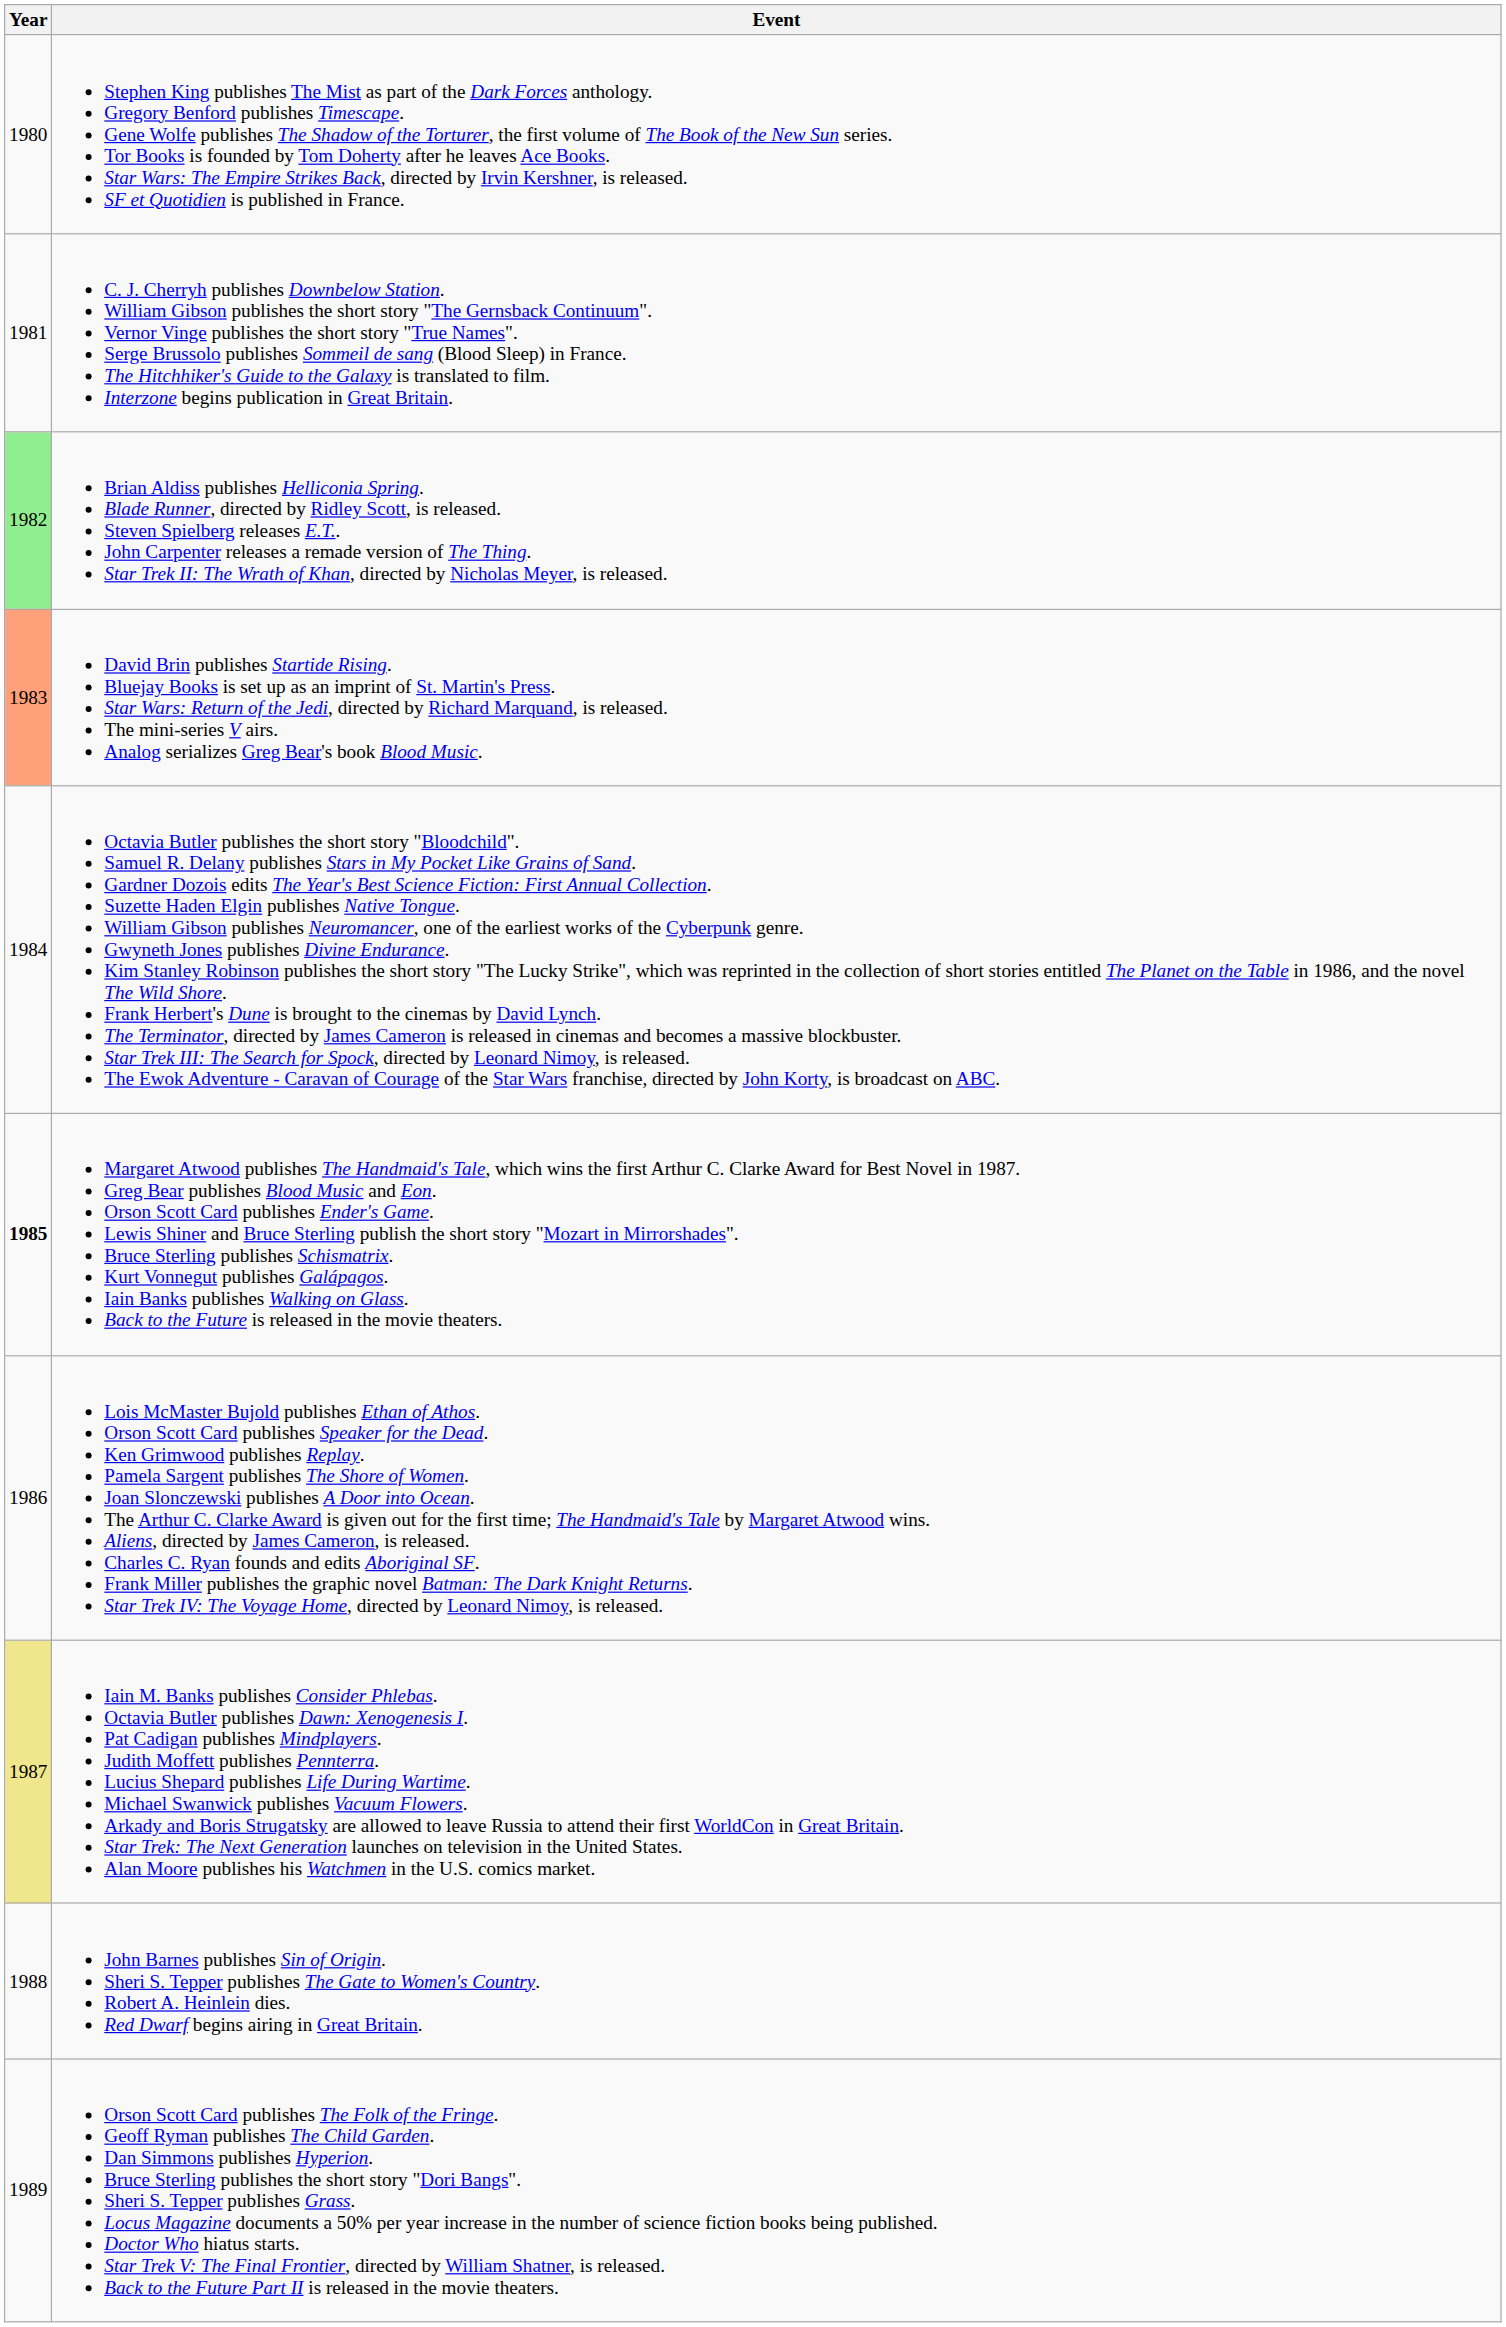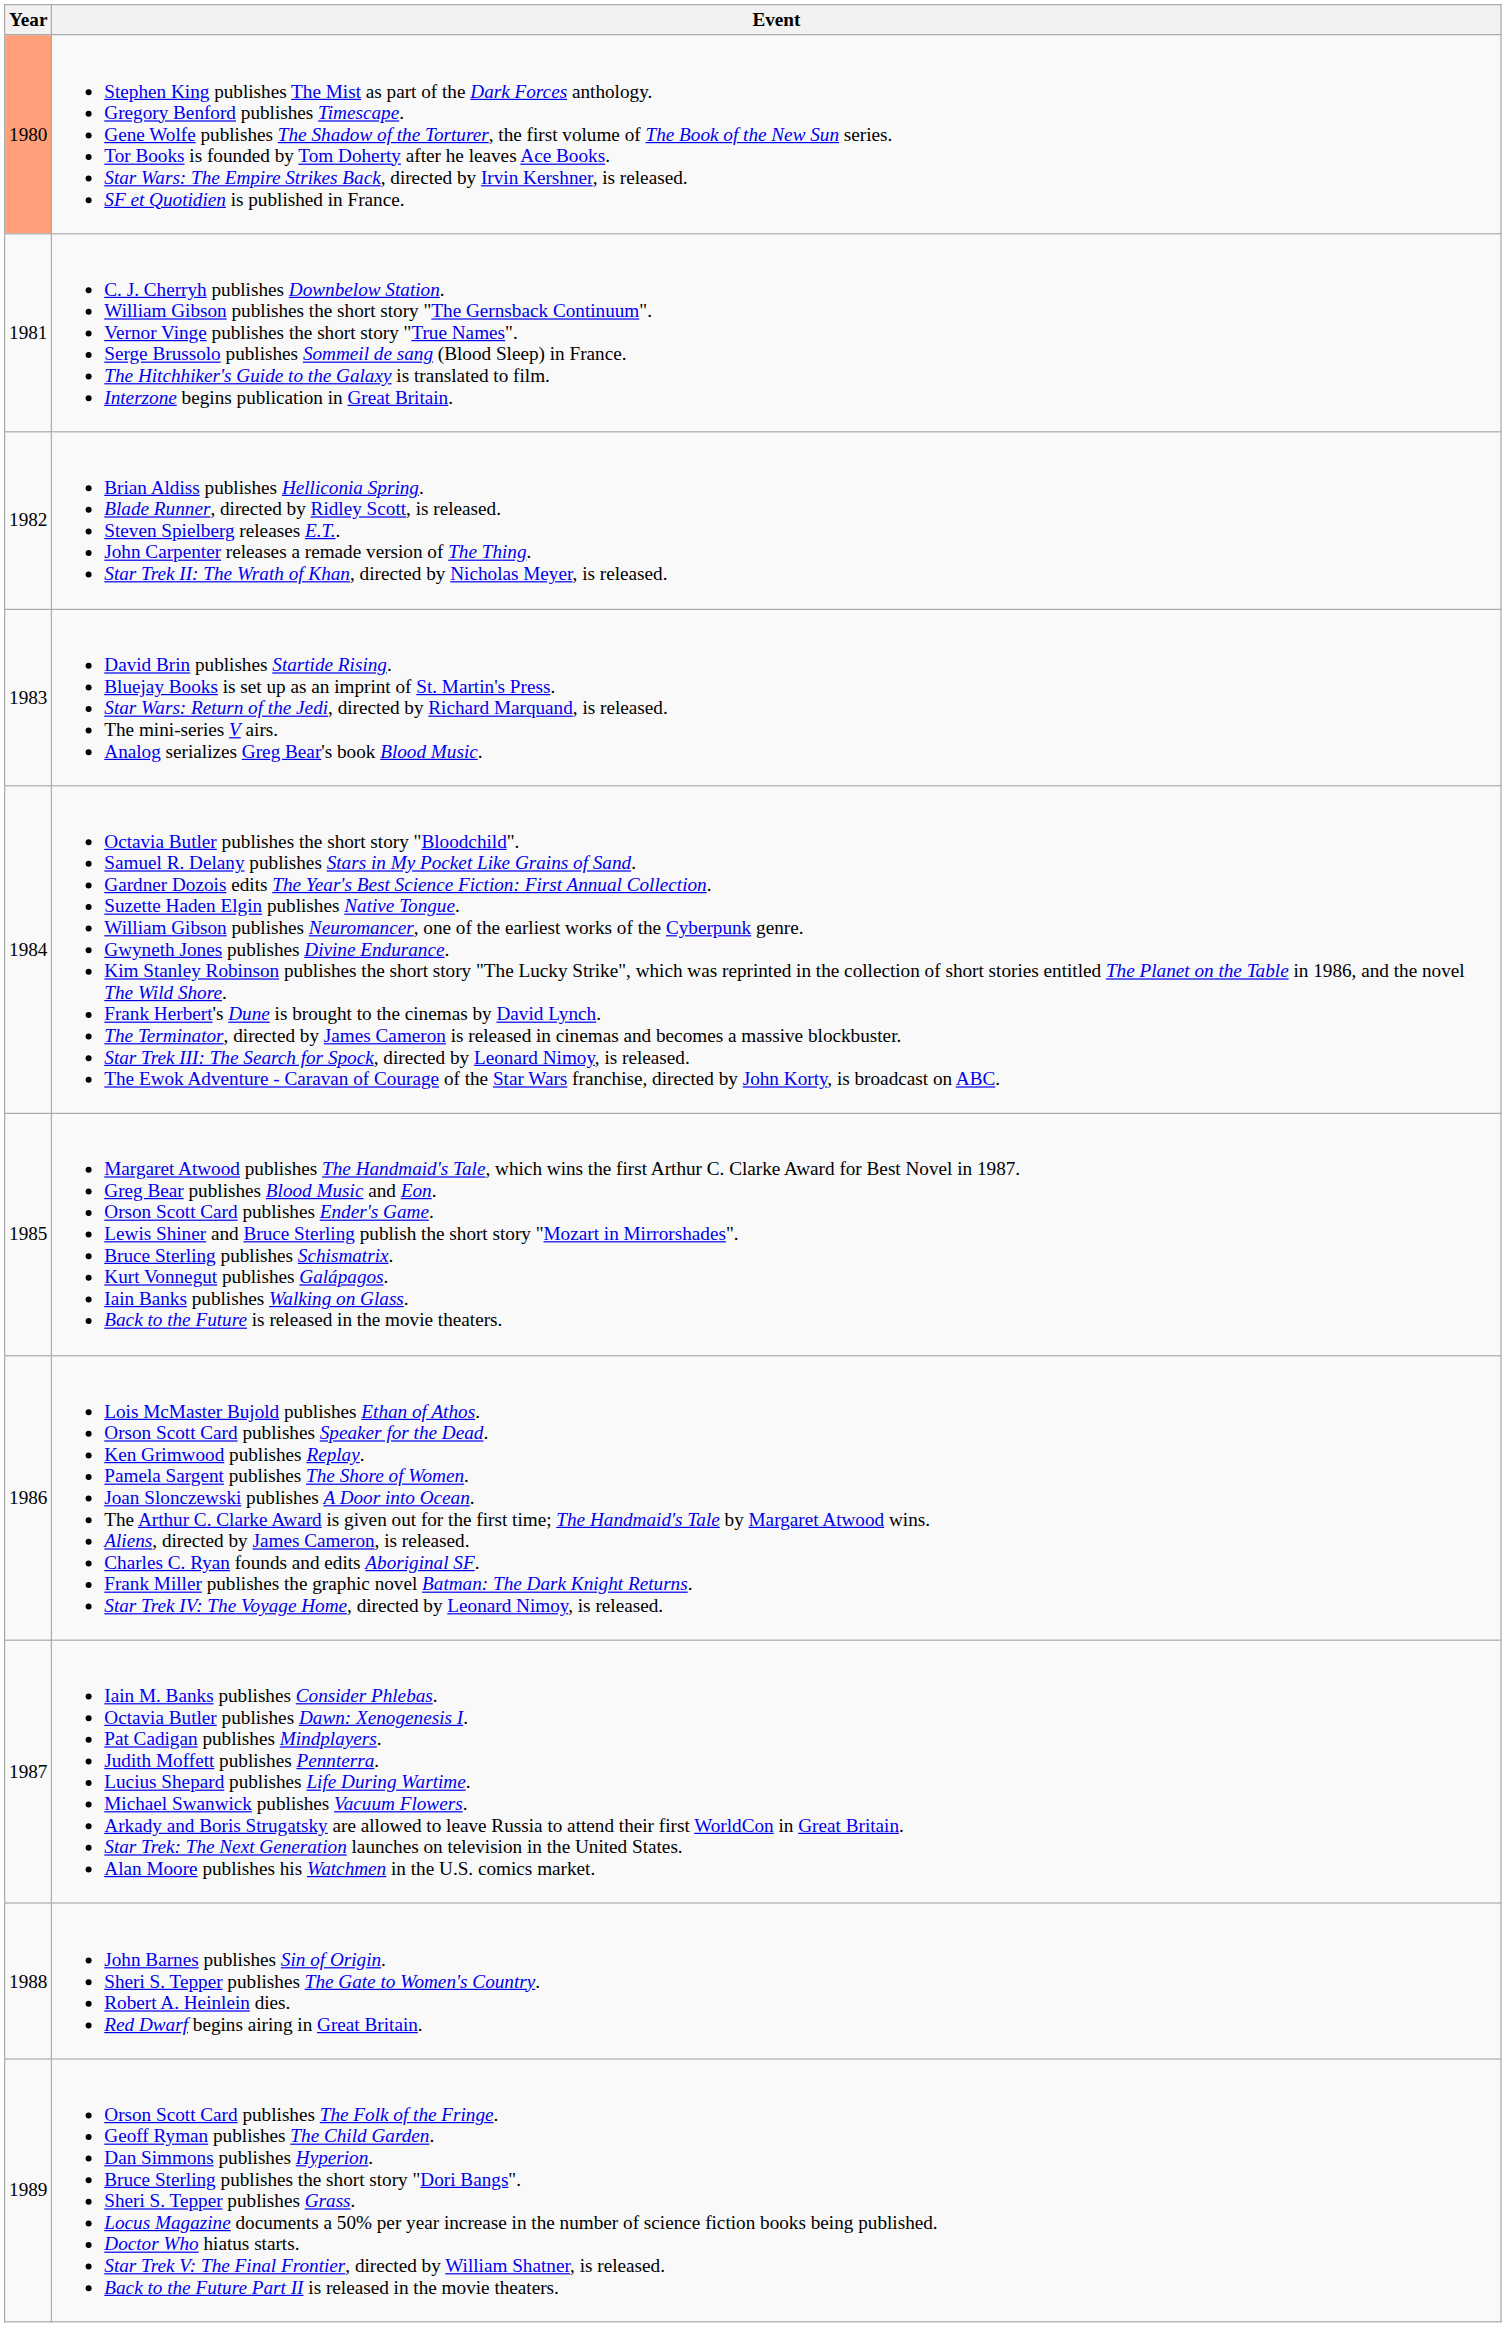 <table class="wikitable">
 <tr>
 <th scope="col">Year</th>
 <th scope="col">Event</th>
 </tr>
 <tr>
-<td>1980</td>
+<td style="background: lightsalmon;">1980</td>
 <td><br><ul><li><a href='#'>Stephen King</a> publishes <a href='#'>The Mist</a> as part of the <em><a href='#'>Dark Forces</a></em> anthology.</li><li><a href='#'>Gregory Benford</a> publishes <em><a href='#'>Timescape</a></em>.</li><li><a href='#'>Gene Wolfe</a> publishes <em><a href='#'>The Shadow of the Torturer</a></em>, the first volume of <em><a href='#'>The Book of the New Sun</a></em> series.</li><li><a href='#'>Tor Books</a> is founded by <a href='#'>Tom Doherty</a> after he leaves <a href='#'>Ace Books</a>.</li><li><em><a href='#'>Star Wars: The Empire Strikes Back</a></em>, directed by <a href='#'>Irvin Kershner</a>, is released.</li><li><em><a href='#'>SF et Quotidien</a></em> is published in France.</li></ul></td>
 </tr>
 <tr>
 <td>1981</td>
 <td><br><ul><li><a href='#'>C. J. Cherryh</a> publishes <em><a href='#'>Downbelow Station</a></em>.</li><li><a href='#'>William Gibson</a> publishes the short story "<a href='#'>The Gernsback Continuum</a>".</li><li><a href='#'>Vernor Vinge</a> publishes the short story "<a href='#'>True Names</a>".</li><li><a href='#'>Serge Brussolo</a> publishes <em><a href='#'>Sommeil de sang</a></em> (Blood Sleep) in France.</li><li><em><a href='#'>The Hitchhiker's Guide to the Galaxy</a></em> is translated to film.</li><li><em><a href='#'>Interzone</a></em> begins publication in <a href='#'>Great Britain</a>.</li></ul></td>
 </tr>
 <tr>
-<td style="background: lightgreen;">1982</td>
+<td>1982</td>
 <td><br><ul><li><a href='#'>Brian Aldiss</a> publishes <em><a href='#'>Helliconia Spring</a></em>.</li><li><em><a href='#'>Blade Runner</a></em>, directed by <a href='#'>Ridley Scott</a>, is released.</li><li><a href='#'>Steven Spielberg</a> releases <em><a href='#'>E.T.</a></em>.</li><li><a href='#'>John Carpenter</a> releases a remade version of <em><a href='#'>The Thing</a></em>.</li><li><em><a href='#'>Star Trek II: The Wrath of Khan</a></em>, directed by <a href='#'>Nicholas Meyer</a>, is released.</li></ul></td>
 </tr>
 <tr>
-<td style="background: lightsalmon;">1983</td>
+<td>1983</td>
 <td><br><ul><li><a href='#'>David Brin</a> publishes <em><a href='#'>Startide Rising</a></em>.</li><li><a href='#'>Bluejay Books</a> is set up as an imprint of <a href='#'>St. Martin's Press</a>.</li><li><em><a href='#'>Star Wars: Return of the Jedi</a></em>, directed by <a href='#'>Richard Marquand</a>, is released.</li><li>The mini-series <em><a href='#'>V</a></em> airs.</li><li><a href='#'>Analog</a> serializes <a href='#'>Greg Bear</a>'s book <em><a href='#'>Blood Music</a></em>.</li></ul></td>
 </tr>
 <tr>
 <td>1984</td>
 <td><br><ul><li><a href='#'>Octavia Butler</a> publishes the short story "<a href='#'>Bloodchild</a>".</li><li><a href='#'>Samuel R. Delany</a> publishes <em><a href='#'>Stars in My Pocket Like Grains of Sand</a></em>.</li><li><a href='#'>Gardner Dozois</a> edits <em><a href='#'>The Year's Best Science Fiction: First Annual Collection</a></em>.</li><li><a href='#'>Suzette Haden Elgin</a> publishes <a href='#'><em>Native Tongue</em></a>.</li><li><a href='#'>William Gibson</a> publishes <em><a href='#'>Neuromancer</a></em>, one of the earliest works of the <a href='#'>Cyberpunk</a> genre.</li><li><a href='#'>Gwyneth Jones</a> publishes <a href='#'><em>Divine Endurance</em></a>.</li><li><a href='#'>Kim Stanley Robinson</a> publishes the short story "The Lucky Strike", which was reprinted in the collection of short stories entitled <em><a href='#'>The Planet on the Table</a></em> in 1986, and the novel <em><a href='#'>The Wild Shore</a></em>.</li><li><a href='#'>Frank Herbert</a>'s <em><a href='#'>Dune</a></em> is brought to the cinemas by <a href='#'>David Lynch</a>.</li><li><em><a href='#'>The Terminator</a></em>, directed by <a href='#'>James Cameron</a> is released in cinemas and becomes a massive blockbuster.</li><li><em><a href='#'>Star Trek III: The Search for Spock</a></em>, directed by <a href='#'>Leonard Nimoy</a>, is released.</li><li><a href='#'>The Ewok Adventure - Caravan of Courage</a> of the <a href='#'>Star Wars</a> franchise, directed by <a href='#'>John Korty</a>, is broadcast on <a href='#'>ABC</a>.</li></ul></td>
 </tr>
 <tr>
-<td><strong>1985</strong></td>
+<td>1985</td>
 <td><br><ul><li><a href='#'>Margaret Atwood</a> publishes <em><a href='#'>The Handmaid's Tale</a></em>, which wins the first Arthur C. Clarke Award for Best Novel in 1987.</li><li><a href='#'>Greg Bear</a> publishes <em><a href='#'>Blood Music</a></em> and <em><a href='#'>Eon</a></em>.</li><li><a href='#'>Orson Scott Card</a> publishes <em><a href='#'>Ender's Game</a></em>.</li><li><a href='#'>Lewis Shiner</a> and <a href='#'>Bruce Sterling</a> publish the short story "<a href='#'>Mozart in Mirrorshades</a>".</li><li><a href='#'>Bruce Sterling</a> publishes <em><a href='#'>Schismatrix</a></em>.</li><li><a href='#'>Kurt Vonnegut</a> publishes <em><a href='#'>Galápagos</a></em>.</li><li><a href='#'>Iain Banks</a> publishes <em><a href='#'>Walking on Glass</a></em>.</li><li><em><a href='#'>Back to the Future</a></em> is released in the movie theaters.</li></ul></td>
 </tr>
 <tr>
 <td>1986</td>
 <td><br><ul><li><a href='#'>Lois McMaster Bujold</a> publishes <em><a href='#'>Ethan of Athos</a></em>.</li><li><a href='#'>Orson Scott Card</a> publishes <em><a href='#'>Speaker for the Dead</a></em>.</li><li><a href='#'>Ken Grimwood</a> publishes <em><a href='#'>Replay</a></em>.</li><li><a href='#'>Pamela Sargent</a> publishes <em><a href='#'>The Shore of Women</a></em>.</li><li><a href='#'>Joan Slonczewski</a> publishes <em><a href='#'>A Door into Ocean</a></em>.</li><li>The <a href='#'>Arthur C. Clarke Award</a> is given out for the first time; <em><a href='#'>The Handmaid's Tale</a></em> by <a href='#'>Margaret Atwood</a> wins.</li><li><em><a href='#'>Aliens</a></em>, directed by <a href='#'>James Cameron</a>, is released.</li><li><a href='#'>Charles C. Ryan</a> founds and edits <em><a href='#'>Aboriginal SF</a></em>.</li><li><a href='#'>Frank Miller</a> publishes the graphic novel <em><a href='#'>Batman: The Dark Knight Returns</a></em>.</li><li><em><a href='#'>Star Trek IV: The Voyage Home</a></em>, directed by <a href='#'>Leonard Nimoy</a>, is released.</li></ul></td>
 </tr>
 <tr>
-<td style="background: khaki;">1987</td>
+<td>1987</td>
 <td><br><ul><li><a href='#'>Iain M. Banks</a> publishes <em><a href='#'>Consider Phlebas</a></em>.</li><li><a href='#'>Octavia Butler</a> publishes <em><a href='#'>Dawn: Xenogenesis I</a></em>.</li><li><a href='#'>Pat Cadigan</a> publishes <em><a href='#'>Mindplayers</a></em>.</li><li><a href='#'>Judith Moffett</a> publishes <em><a href='#'>Pennterra</a></em>.</li><li><a href='#'>Lucius Shepard</a> publishes <em><a href='#'>Life During Wartime</a></em>.</li><li><a href='#'>Michael Swanwick</a> publishes <em><a href='#'>Vacuum Flowers</a></em>.</li><li><a href='#'>Arkady and Boris Strugatsky</a> are allowed to leave Russia to attend their first <a href='#'>WorldCon</a> in <a href='#'>Great Britain</a>.</li><li><em><a href='#'>Star Trek: The Next Generation</a></em> launches on television in the United States.</li><li><a href='#'>Alan Moore</a> publishes his <em><a href='#'>Watchmen</a></em> in the U.S. comics market.</li></ul></td>
 </tr>
 <tr>
 <td>1988</td>
 <td><br><ul><li><a href='#'>John Barnes</a> publishes <em><a href='#'>Sin of Origin</a></em>.</li><li><a href='#'>Sheri S. Tepper</a> publishes <em><a href='#'>The Gate to Women's Country</a></em>.</li><li><a href='#'>Robert A. Heinlein</a> dies.</li><li><em><a href='#'>Red Dwarf</a></em> begins airing in <a href='#'>Great Britain</a>.</li></ul></td>
 </tr>
 <tr>
 <td>1989</td>
 <td><br><ul><li><a href='#'>Orson Scott Card</a> publishes <em><a href='#'>The Folk of the Fringe</a></em>.</li><li><a href='#'>Geoff Ryman</a> publishes <em><a href='#'>The Child Garden</a></em>.</li><li><a href='#'>Dan Simmons</a> publishes <em><a href='#'>Hyperion</a></em>.</li><li><a href='#'>Bruce Sterling</a> publishes the short story "<a href='#'>Dori Bangs</a>".</li><li><a href='#'>Sheri S. Tepper</a> publishes <em><a href='#'>Grass</a></em>.</li><li><em><a href='#'>Locus Magazine</a></em> documents a 50% per year increase in the number of science fiction books being published.</li><li><em><a href='#'>Doctor Who</a></em> hiatus starts.</li><li><em><a href='#'>Star Trek V: The Final Frontier</a></em>, directed by <a href='#'>William Shatner</a>, is released.</li><li><em><a href='#'>Back to the Future Part II</a></em> is released in the movie theaters.</li></ul></td>
 </tr>
 </table>
